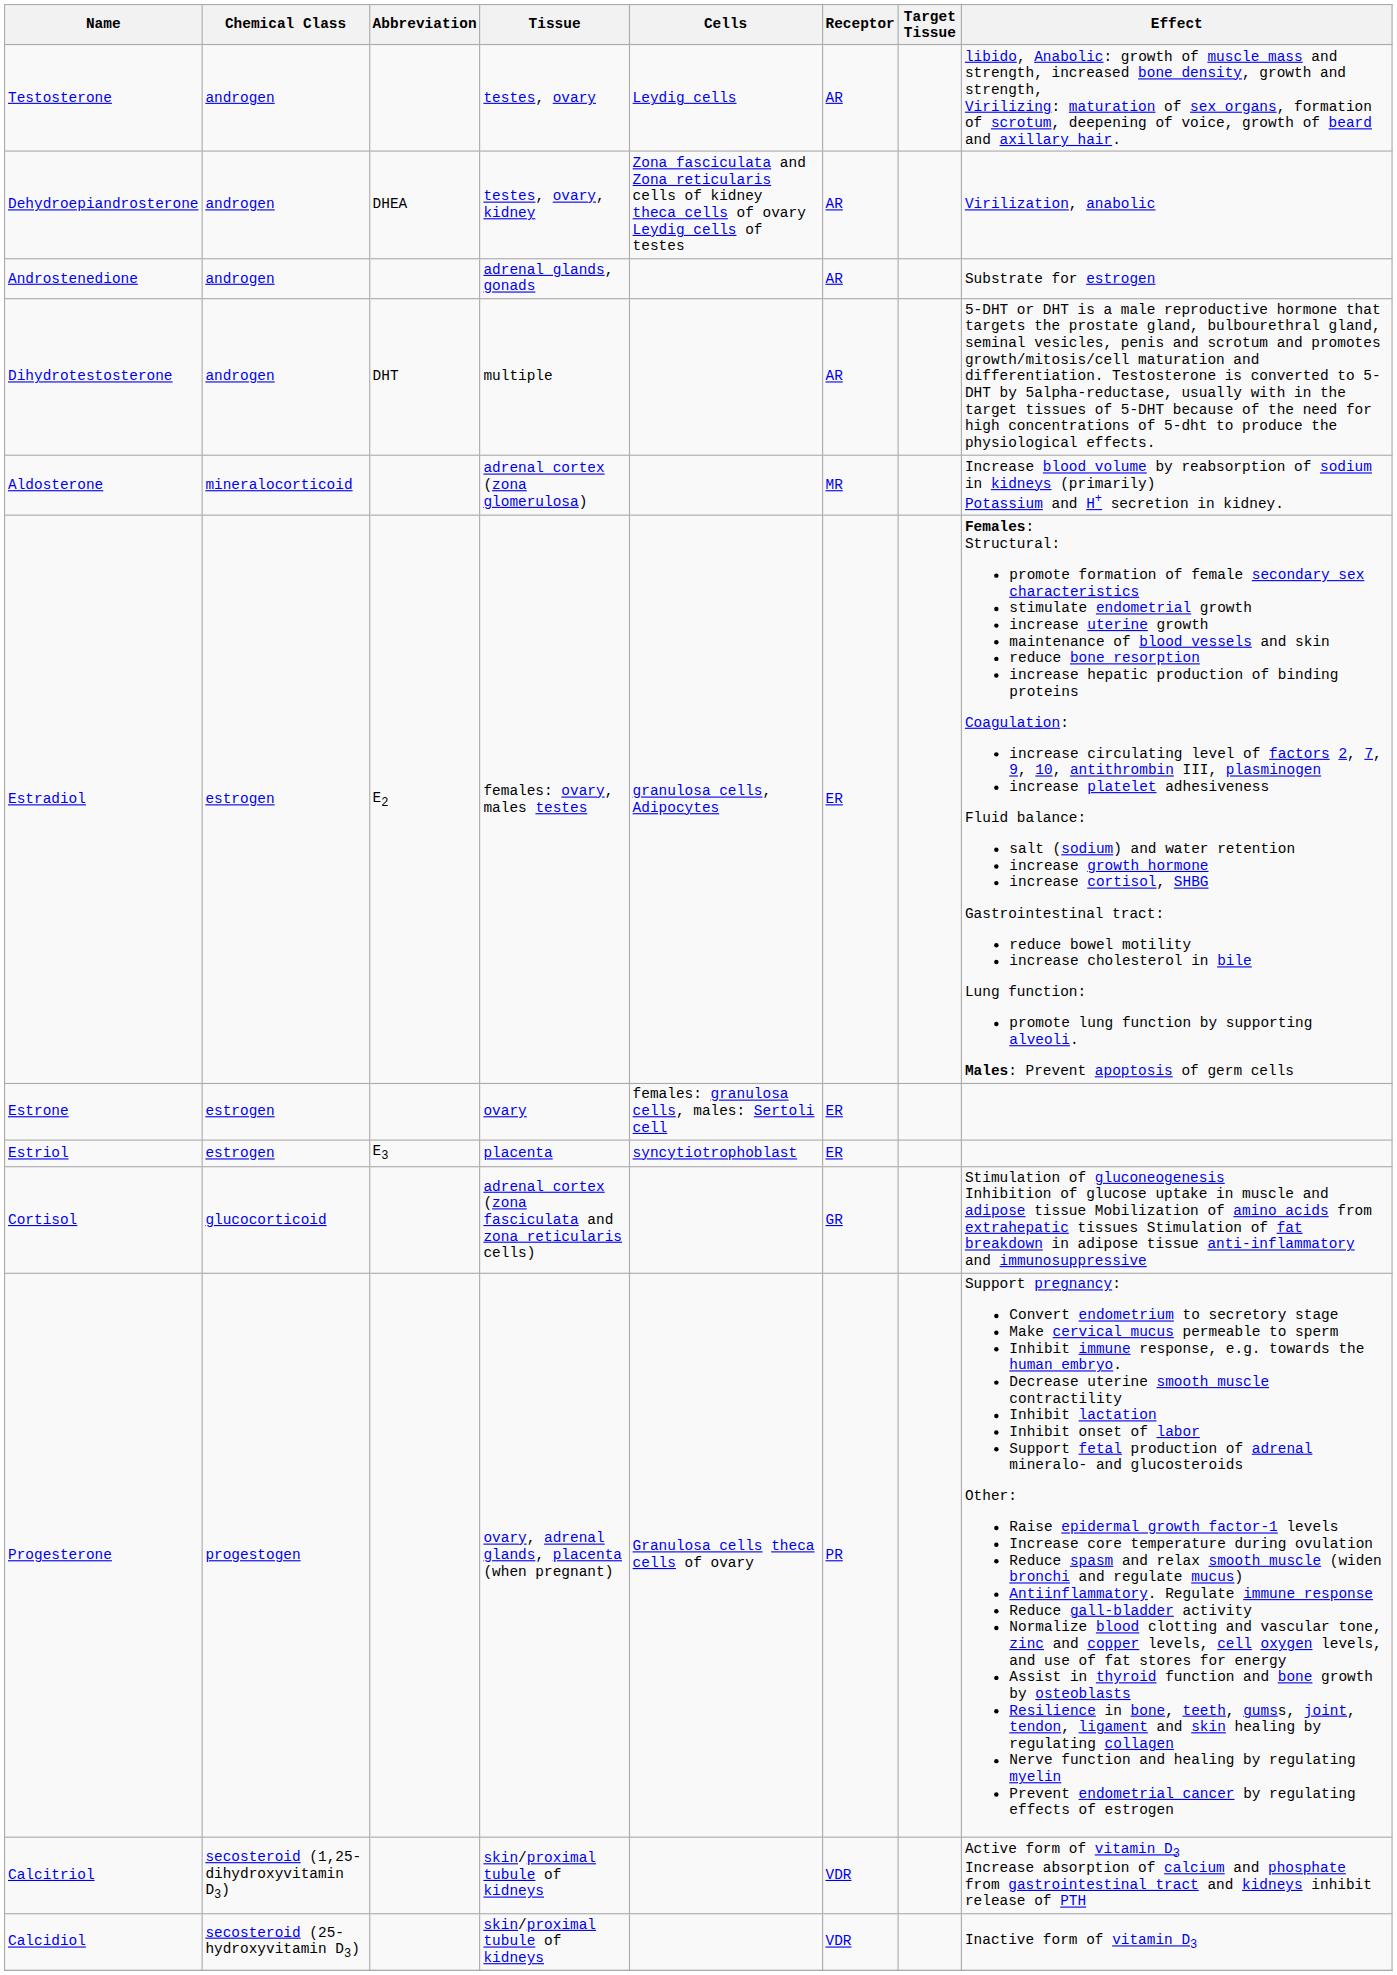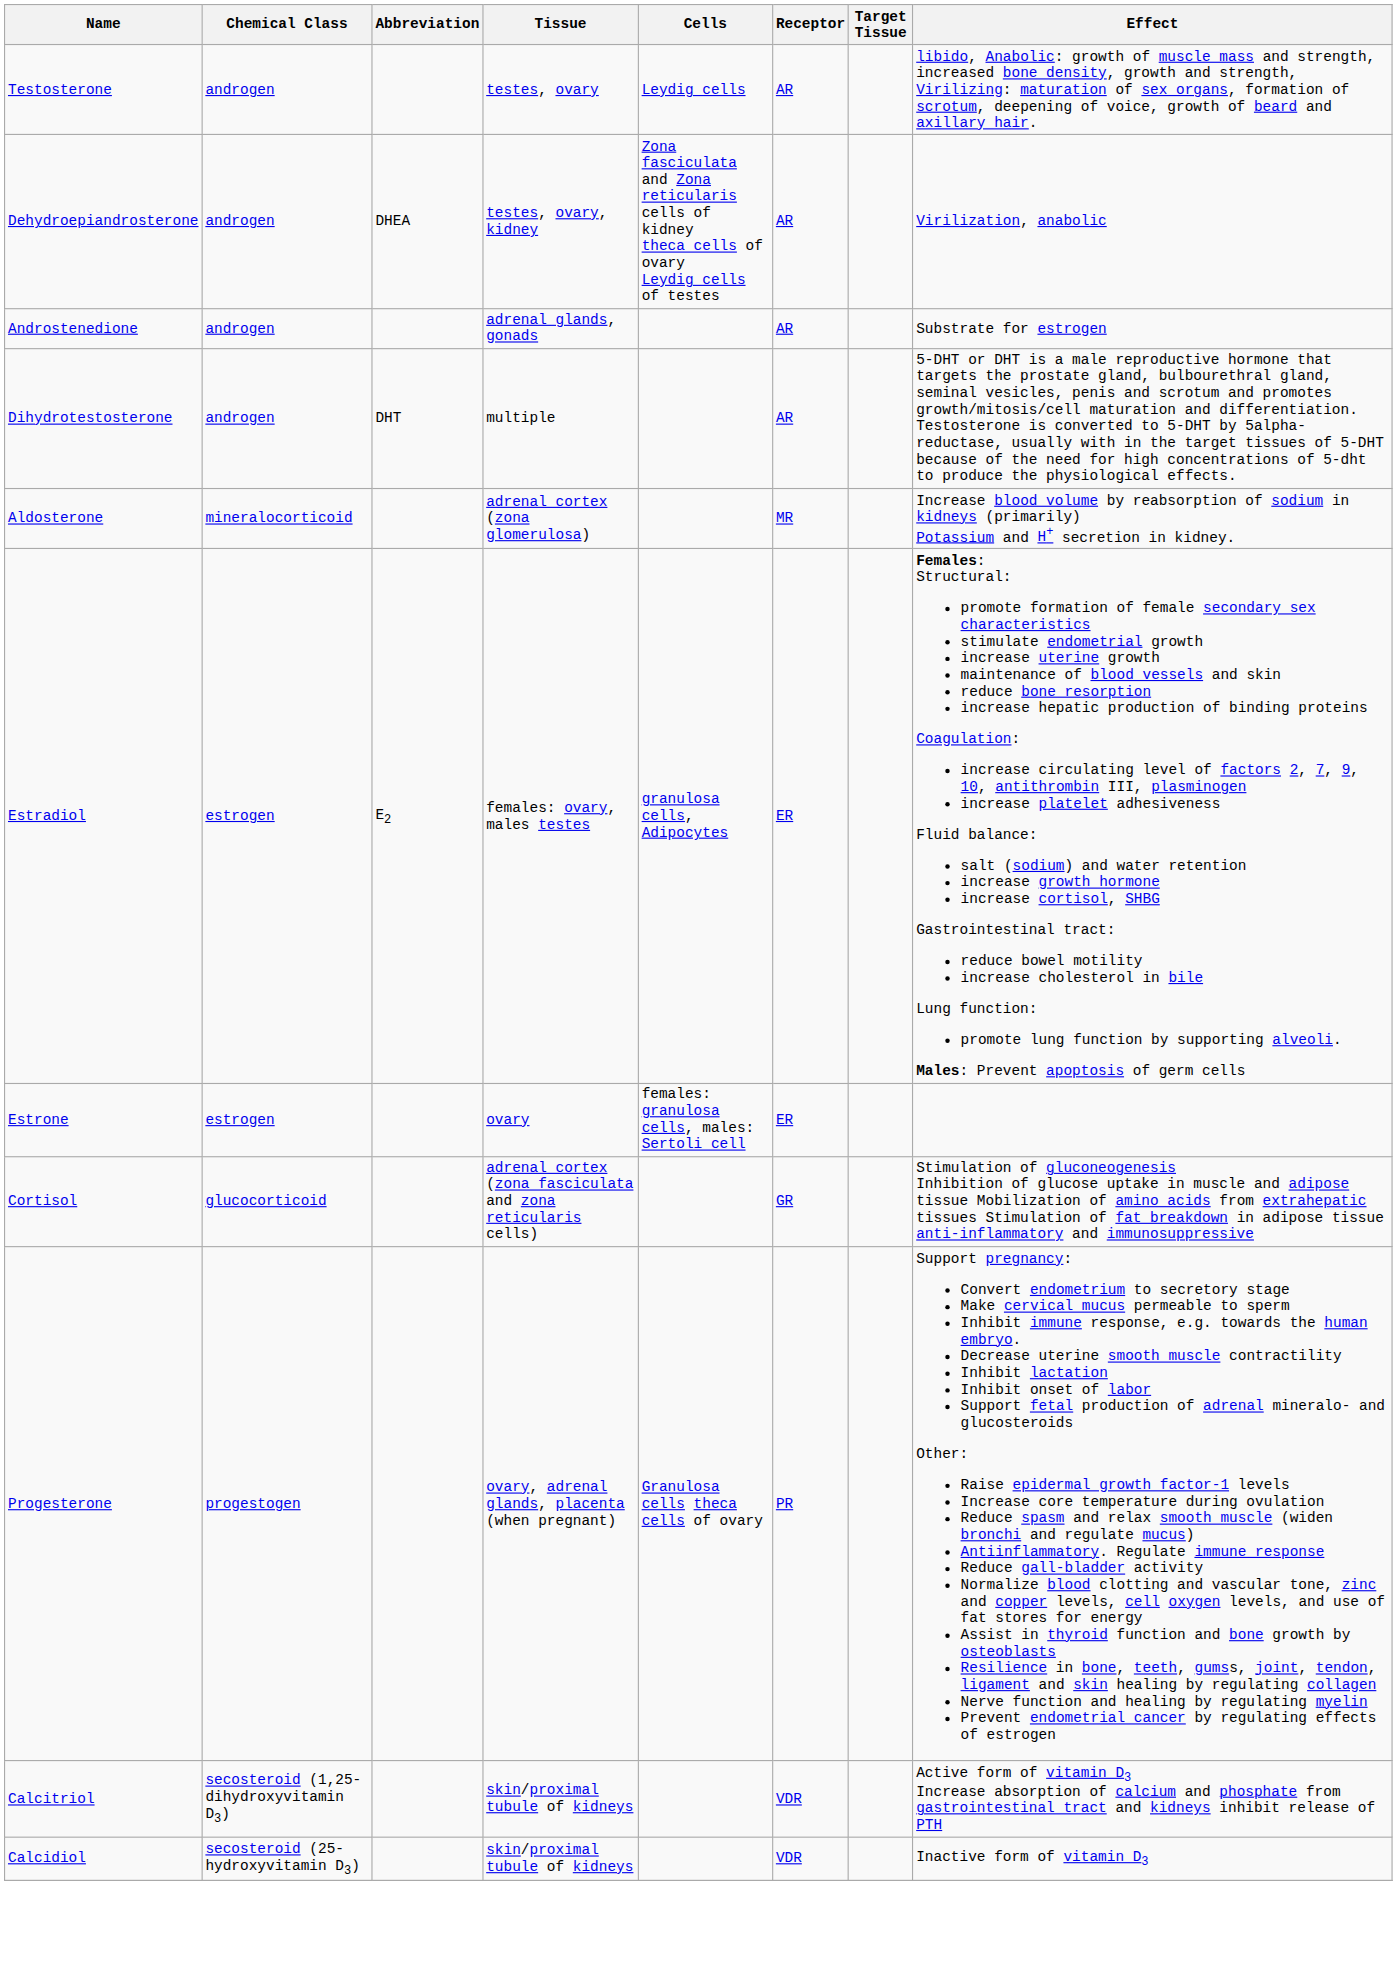 <table class="sortable wikitable">
 <tr>
 <th>Name</th>
 <th>Chemical Class</th>
 <th>Abbreviation</th>
 <th>Tissue</th>
 <th>Cells</th>
 <th>Receptor</th>
 <th>Target Tissue</th>
 <th>Effect</th>
 </tr>
 <tr>
 <td><a href='#'>Testosterone</a></td>
 <td><a href='#'>androgen</a></td>
 <td></td>
 <td><a href='#'>testes</a>, <a href='#'>ovary</a></td>
 <td><a href='#'>Leydig cells</a></td>
 <td><a href='#'>AR</a></td>
 <td></td>
 <td><a href='#'>libido</a>, <a href='#'>Anabolic</a>: growth of <a href='#'>muscle mass</a> and strength, increased <a href='#'>bone density</a>, growth and strength,<br><a href='#'>Virilizing</a>: <a href='#'>maturation</a> of <a href='#'>sex organs</a>, formation of <a href='#'>scrotum</a>, deepening of voice, growth of <a href='#'>beard</a> and <a href='#'>axillary hair</a>.</td>
 </tr>
 <tr>
 <td><a href='#'>Dehydroepiandrosterone</a></td>
 <td><a href='#'>androgen</a></td>
 <td>DHEA</td>
 <td><a href='#'>testes</a>, <a href='#'>ovary</a>, <a href='#'>kidney</a></td>
 <td><a href='#'>Zona fasciculata</a> and <a href='#'>Zona reticularis</a> cells of kidney <br><a href='#'>theca cells</a> of ovary <br> <a href='#'>Leydig cells</a> of testes</td>
 <td><a href='#'>AR</a></td>
 <td></td>
 <td><a href='#'>Virilization</a>, <a href='#'>anabolic</a></td>
 </tr>
 <tr>
 <td><a href='#'>Androstenedione</a></td>
 <td><a href='#'>androgen</a></td>
 <td></td>
 <td><a href='#'>adrenal glands</a>, <a href='#'>gonads</a></td>
 <td></td>
 <td><a href='#'>AR</a></td>
 <td></td>
 <td>Substrate for <a href='#'>estrogen</a></td>
 </tr>
 <tr>
 <td><a href='#'>Dihydrotestosterone</a></td>
 <td><a href='#'>androgen</a></td>
 <td>DHT</td>
 <td>multiple</td>
 <td></td>
 <td><a href='#'>AR</a></td>
 <td></td>
 <td>5-DHT or DHT is a male reproductive hormone that targets the prostate gland, bulbourethral gland, seminal vesicles, penis and scrotum and promotes growth/mitosis/cell maturation and differentiation.  Testosterone is converted to 5-DHT by 5alpha-reductase, usually with in the target tissues of 5-DHT because of the need for high concentrations of 5-dht to produce the physiological effects.</td>
 </tr>
 <tr>
 <td><a href='#'>Aldosterone</a></td>
 <td><a href='#'>mineralocorticoid</a></td>
 <td></td>
 <td><a href='#'>adrenal cortex</a> (<a href='#'>zona glomerulosa</a>)</td>
 <td></td>
 <td><a href='#'>MR</a></td>
 <td></td>
 <td>Increase <a href='#'>blood volume</a> by reabsorption of <a href='#'>sodium</a> in <a href='#'>kidneys</a> (primarily)<br><a href='#'>Potassium</a> and <a href='#'>H<sup>+</sup></a> secretion in kidney.</td>
 </tr>
 <tr>
 <td><a href='#'>Estradiol</a></td>
 <td><a href='#'>estrogen</a></td>
 <td>E<sub>2</sub></td>
 <td>females: <a href='#'>ovary</a>, males <a href='#'>testes</a></td>
 <td><a href='#'>granulosa cells</a>, <a href='#'>Adipocytes</a></td>
 <td><a href='#'>ER</a></td>
 <td></td>
 <td><strong>Females</strong>:<br>Structural:<ul><li>promote formation of female <a href='#'>secondary sex characteristics</a></li><li>stimulate <a href='#'>endometrial</a> growth</li><li>increase <a href='#'>uterine</a> growth</li><li>maintenance of <a href='#'>blood vessels</a> and skin</li><li>reduce <a href='#'>bone resorption</a></li><li>increase hepatic production of binding proteins</li></ul><a href='#'>Coagulation</a>:<ul><li>increase circulating level of <a href='#'>factors</a> <a href='#'>2</a>, <a href='#'>7</a>, <a href='#'>9</a>, <a href='#'>10</a>, <a href='#'>antithrombin</a> III, <a href='#'>plasminogen</a></li><li>increase <a href='#'>platelet</a> adhesiveness</li></ul>Fluid balance:<ul><li>salt (<a href='#'>sodium</a>) and water retention</li><li>increase <a href='#'>growth hormone</a></li><li>increase <a href='#'>cortisol</a>, <a href='#'>SHBG</a></li></ul>Gastrointestinal tract:<ul><li>reduce bowel motility</li><li>increase cholesterol in <a href='#'>bile</a></li></ul>Lung function:<ul><li>promote lung function by supporting <a href='#'>alveoli</a>.</li></ul><strong>Males</strong>: Prevent <a href='#'>apoptosis</a> of germ cells</td>
 </tr>
 <tr>
 <td><a href='#'>Estrone</a></td>
 <td><a href='#'>estrogen</a></td>
 <td></td>
 <td><a href='#'>ovary</a></td>
 <td>females: <a href='#'>granulosa cells</a>, males: <a href='#'>Sertoli cell</a></td>
 <td><a href='#'>ER</a></td>
 <td></td>
 <td></td>
 </tr>
 <tr>
-<td><a href='#'>Estriol</a></td>
-<td><a href='#'>estrogen</a></td>
-<td>E<sub>3</sub></td>
-<td><a href='#'>placenta</a></td>
-<td><a href='#'>syncytiotrophoblast</a></td>
-<td><a href='#'>ER</a></td>
-<td></td>
-<td></td>
-</tr>
-<tr>
 <td><a href='#'>Cortisol</a></td>
 <td><a href='#'>glucocorticoid</a></td>
 <td></td>
 <td><a href='#'>adrenal cortex</a> (<a href='#'>zona fasciculata</a> and <a href='#'>zona reticularis</a> cells)</td>
 <td></td>
 <td><a href='#'>GR</a></td>
 <td></td>
 <td>Stimulation of <a href='#'>gluconeogenesis</a><br>Inhibition of glucose uptake in muscle and <a href='#'>adipose</a> tissue Mobilization of <a href='#'>amino acids</a> from <a href='#'>extrahepatic</a> tissues Stimulation of <a href='#'>fat breakdown</a> in adipose tissue <a href='#'>anti-inflammatory</a> and <a href='#'>immunosuppressive</a></td>
 </tr>
 <tr>
 <td><a href='#'>Progesterone</a></td>
 <td><a href='#'>progestogen</a></td>
 <td></td>
 <td><a href='#'>ovary</a>, <a href='#'>adrenal glands</a>, <a href='#'>placenta</a> (when pregnant)</td>
 <td><a href='#'>Granulosa cells</a> <a href='#'>theca cells</a> of ovary</td>
 <td><a href='#'>PR</a></td>
 <td></td>
 <td>Support <a href='#'>pregnancy</a>:<br><ul><li>Convert <a href='#'>endometrium</a> to secretory stage</li><li>Make <a href='#'>cervical mucus</a> permeable to sperm</li><li>Inhibit <a href='#'>immune</a> response, e.g. towards the <a href='#'>human embryo</a>.</li><li>Decrease uterine <a href='#'>smooth muscle</a> contractility</li><li>Inhibit <a href='#'>lactation</a></li><li>Inhibit onset of <a href='#'>labor</a></li><li>Support <a href='#'>fetal</a> production of <a href='#'>adrenal</a> mineralo- and glucosteroids</li></ul>Other:<ul><li>Raise <a href='#'>epidermal growth factor-1</a> levels</li><li>Increase core temperature during ovulation</li><li>Reduce <a href='#'>spasm</a> and relax <a href='#'>smooth muscle</a> (widen <a href='#'>bronchi</a> and regulate <a href='#'>mucus</a>)</li><li><a href='#'>Antiinflammatory</a>. Regulate <a href='#'>immune response</a></li><li>Reduce <a href='#'>gall-bladder</a> activity</li><li>Normalize <a href='#'>blood</a> clotting and vascular tone, <a href='#'>zinc</a> and <a href='#'>copper</a> levels, <a href='#'>cell</a> <a href='#'>oxygen</a> levels, and use of fat stores for energy</li><li>Assist in <a href='#'>thyroid</a> function and <a href='#'>bone</a> growth by <a href='#'>osteoblasts</a></li><li><a href='#'>Resilience</a> in <a href='#'>bone</a>, <a href='#'>teeth</a>, <a href='#'>gums</a>s, <a href='#'>joint</a>, <a href='#'>tendon</a>, <a href='#'>ligament</a> and <a href='#'>skin</a> healing by regulating <a href='#'>collagen</a></li><li>Nerve function and healing by regulating <a href='#'>myelin</a></li><li>Prevent <a href='#'>endometrial cancer</a> by regulating effects of estrogen</li></ul></td>
 </tr>
 <tr>
 <td><a href='#'>Calcitriol</a></td>
 <td><a href='#'>secosteroid</a> (1,25-dihydroxyvitamin D<sub>3</sub>)</td>
 <td></td>
 <td><a href='#'>skin</a>/<a href='#'>proximal tubule</a> of <a href='#'>kidneys</a></td>
 <td></td>
 <td><a href='#'>VDR</a></td>
 <td></td>
 <td>Active form of <a href='#'>vitamin D<sub>3</sub></a><br>Increase absorption of <a href='#'>calcium</a> and <a href='#'>phosphate</a> from <a href='#'>gastrointestinal tract</a> and <a href='#'>kidneys</a>  inhibit release of <a href='#'>PTH</a></td>
 </tr>
 <tr>
 <td><a href='#'>Calcidiol</a></td>
 <td><a href='#'>secosteroid</a> (25-hydroxyvitamin D<sub>3</sub>)</td>
 <td></td>
 <td><a href='#'>skin</a>/<a href='#'>proximal tubule</a> of <a href='#'>kidneys</a></td>
 <td></td>
 <td><a href='#'>VDR</a></td>
 <td></td>
 <td>Inactive form of <a href='#'>vitamin D<sub>3</sub></a></td>
 </tr>
 <tr>
 </tr>
 </table>
